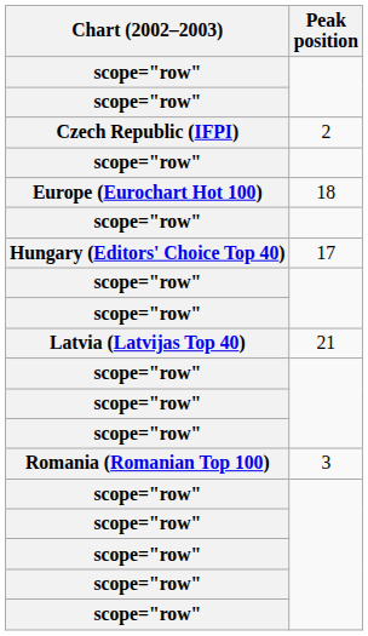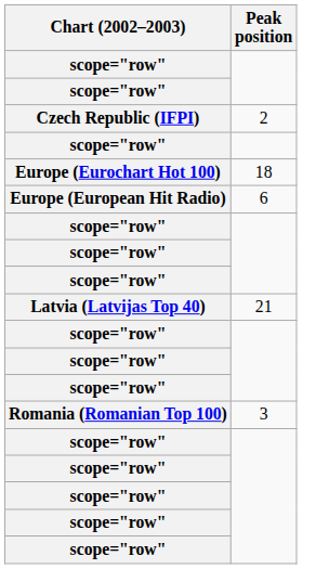 <table class="wikitable sortable plainrowheaders" style="text-align:center">
 <tr>
 <th>Chart (2002–2003)</th>
 <th>Peak<br>position</th>
 </tr>
 <tr>
 <th>scope="row" </th>
 </tr>
 <tr>
 <th>scope="row" </th>
 </tr>
 <tr>
 <th scope="row">Czech Republic (<a href='#'>IFPI</a>)</th>
 <td>2</td>
 </tr>
 <tr>
 <th>scope="row" </th>
 </tr>
 <tr>
 <th scope="row">Europe (<a href='#'>Eurochart Hot 100</a>)</th>
 <td>18</td>
 </tr>
 <tr>
-<th>scope="row" </th>
+<th scope="row">Europe (European Hit Radio)</th>
+<td>6</td>
 </tr>
 <tr>
-<th scope="row">Hungary (<a href='#'>Editors' Choice Top 40</a>)</th>
-<td>17</td>
+<th>scope="row" </th>
 </tr>
 <tr>
 <th>scope="row" </th>
 </tr>
 <tr>
 <th>scope="row" </th>
 </tr>
 <tr>
 <th scope="row">Latvia (<a href='#'>Latvijas Top 40</a>)</th>
 <td>21</td>
 </tr>
 <tr>
 <th>scope="row" </th>
 </tr>
 <tr>
 <th>scope="row" </th>
 </tr>
 <tr>
 <th>scope="row" </th>
 </tr>
 <tr>
 <th scope="row">Romania (<a href='#'>Romanian Top 100</a>)</th>
 <td>3</td>
 </tr>
 <tr>
 <th>scope="row" </th>
 </tr>
 <tr>
 <th>scope="row" </th>
 </tr>
 <tr>
 <th>scope="row" </th>
 </tr>
 <tr>
 <th>scope="row" </th>
 </tr>
 <tr>
 <th>scope="row" </th>
 </tr>
 </table>
